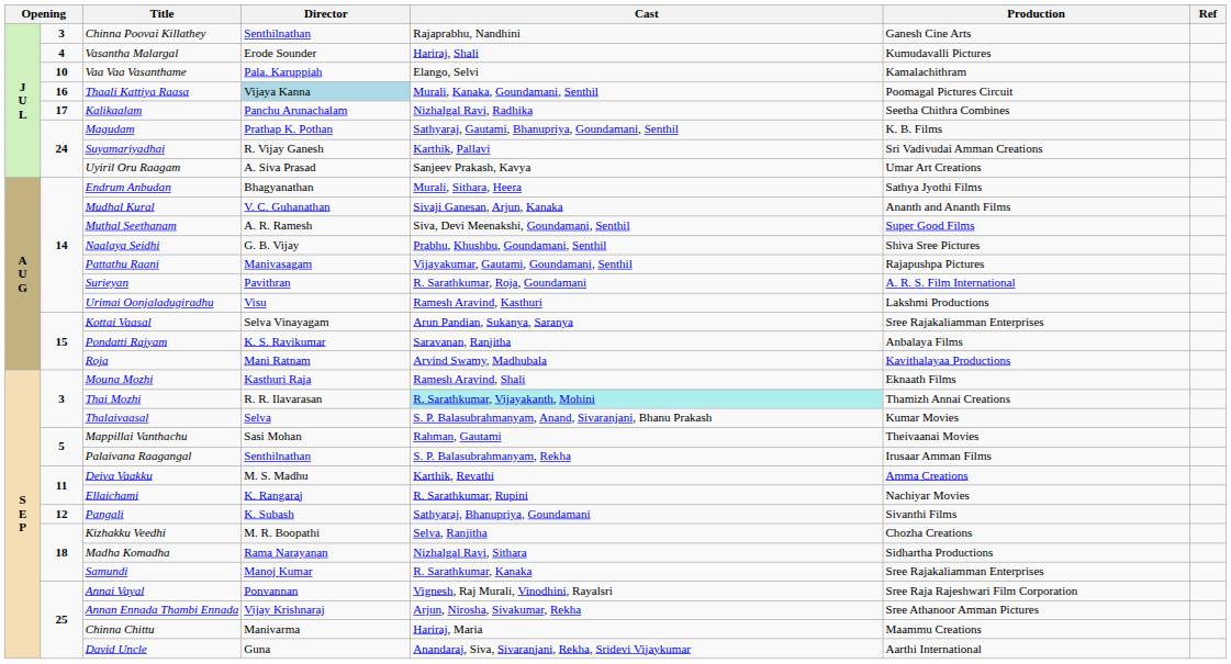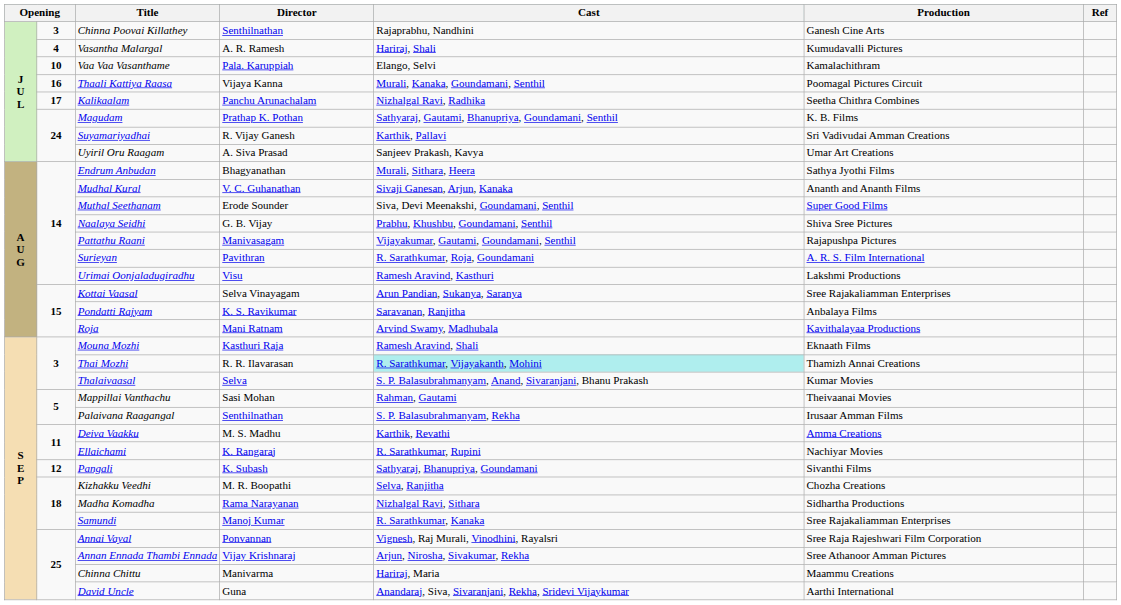 <table class="wikitable">
 <tr style="background:#b0e0e6; text-align:center;">
 <th colspan="2">Opening</th>
 <th style="width:13%;">Title</th>
 <th>Director</th>
 <th>Cast</th>
 <th>Production</th>
 <th>Ref</th>
 </tr>
 <tr July!>
 <td rowspan="8"   style="text-align:center; background:	#d0f0c0; textcolor:#000;"><strong>J<br>U<br>L</strong></td>
 <td style="text-align:center;"><strong>3</strong></td>
 <td><em>Chinna Poovai Killathey</em></td>
 <td><a href='#'>Senthilnathan</a></td>
 <td>Rajaprabhu, Nandhini</td>
 <td>Ganesh Cine Arts</td>
 <td></td>
 </tr>
 <tr>
 <td style="text-align:center;"><strong>4</strong></td>
 <td><em>Vasantha Malargal</em></td>
-<td>Erode Sounder</td>
+<td>A. R. Ramesh</td>
 <td><a href='#'>Hariraj</a>, <a href='#'>Shali</a></td>
 <td>Kumudavalli Pictures</td>
 <td></td>
 </tr>
 <tr>
 <td style="text-align:center;"><strong>10</strong></td>
 <td><em>Vaa Vaa Vasanthame</em></td>
 <td><a href='#'>Pala. Karuppiah</a></td>
 <td>Elango, Selvi</td>
 <td>Kamalachithram</td>
 <td></td>
 </tr>
 <tr>
 <td style="text-align:center;"><strong>16</strong></td>
 <td><em><a href='#'>Thaali Kattiya Raasa</a></em></td>
-<td style="background: lightblue;">Vijaya Kanna</td>
+<td>Vijaya Kanna</td>
 <td><a href='#'>Murali</a>, <a href='#'>Kanaka</a>, <a href='#'>Goundamani</a>, <a href='#'>Senthil</a></td>
 <td>Poomagal Pictures Circuit</td>
 <td></td>
 </tr>
 <tr>
 <td style="text-align:center;"><strong>17</strong></td>
 <td><em><a href='#'>Kalikaalam</a></em></td>
 <td><a href='#'>Panchu Arunachalam</a></td>
 <td><a href='#'>Nizhalgal Ravi</a>, <a href='#'>Radhika</a></td>
 <td>Seetha Chithra Combines</td>
 <td></td>
 </tr>
 <tr>
 <td rowspan="3" style="text-align:center;"><strong>24</strong></td>
 <td><em><a href='#'>Magudam</a></em></td>
 <td><a href='#'>Prathap K. Pothan</a></td>
 <td><a href='#'>Sathyaraj</a>, <a href='#'>Gautami</a>, <a href='#'>Bhanupriya</a>, <a href='#'>Goundamani</a>, <a href='#'>Senthil</a></td>
 <td>K. B. Films</td>
 <td></td>
 </tr>
 <tr>
 <td><em><a href='#'>Suyamariyadhai</a></em></td>
 <td>R. Vijay Ganesh</td>
 <td><a href='#'>Karthik</a>, <a href='#'>Pallavi</a></td>
 <td>Sri Vadivudai Amman Creations</td>
 <td></td>
 </tr>
 <tr>
 <td><em>Uyiril Oru Raagam</em></td>
 <td>A. Siva Prasad</td>
 <td>Sanjeev Prakash, Kavya</td>
 <td>Umar Art Creations</td>
 <td></td>
 </tr>
 <tr August!>
 <td rowspan="10"   style="text-align:center; background:#c2b280;"><strong>A<br>U<br>G</strong></td>
 <td rowspan="7" style="text-align:center;"><strong>14</strong></td>
 <td><em><a href='#'>Endrum Anbudan</a></em></td>
 <td>Bhagyanathan</td>
 <td><a href='#'>Murali</a>, <a href='#'>Sithara</a>, <a href='#'>Heera</a></td>
 <td>Sathya Jyothi Films</td>
 <td></td>
 </tr>
 <tr>
 <td><em><a href='#'>Mudhal Kural</a></em></td>
 <td><a href='#'>V. C. Guhanathan</a></td>
 <td><a href='#'>Sivaji Ganesan</a>, <a href='#'>Arjun</a>, <a href='#'>Kanaka</a></td>
 <td>Ananth and Ananth Films</td>
 <td></td>
 </tr>
 <tr>
 <td><em><a href='#'>Muthal Seethanam</a></em></td>
-<td>A. R. Ramesh</td>
+<td>Erode Sounder</td>
 <td>Siva, Devi Meenakshi, <a href='#'>Goundamani</a>, <a href='#'>Senthil</a></td>
 <td><a href='#'>Super Good Films</a></td>
 <td></td>
 </tr>
 <tr>
 <td><em><a href='#'>Naalaya Seidhi</a></em></td>
 <td>G. B. Vijay</td>
 <td><a href='#'>Prabhu</a>, <a href='#'>Khushbu</a>, <a href='#'>Goundamani</a>, <a href='#'>Senthil</a></td>
 <td>Shiva Sree Pictures</td>
 <td></td>
 </tr>
 <tr>
 <td><em><a href='#'>Pattathu Raani</a></em></td>
 <td><a href='#'>Manivasagam</a></td>
 <td><a href='#'>Vijayakumar</a>, <a href='#'>Gautami</a>, <a href='#'>Goundamani</a>,  <a href='#'>Senthil</a></td>
 <td>Rajapushpa Pictures</td>
 <td></td>
 </tr>
 <tr>
 <td><em><a href='#'>Surieyan</a></em></td>
 <td><a href='#'>Pavithran</a></td>
 <td><a href='#'>R. Sarathkumar</a>, <a href='#'>Roja</a>, <a href='#'>Goundamani</a></td>
 <td><a href='#'>A. R. S. Film International</a></td>
 <td></td>
 </tr>
 <tr>
 <td><em><a href='#'>Urimai Oonjaladugiradhu</a></em></td>
 <td><a href='#'>Visu</a></td>
 <td><a href='#'>Ramesh Aravind</a>, <a href='#'>Kasthuri</a></td>
 <td>Lakshmi Productions</td>
 <td></td>
 </tr>
 <tr>
 <td rowspan="3" style="text-align:center;"><strong>15</strong></td>
 <td><em><a href='#'>Kottai Vaasal</a></em></td>
 <td>Selva Vinayagam</td>
 <td><a href='#'>Arun Pandian</a>, <a href='#'>Sukanya</a>, <a href='#'>Saranya</a></td>
 <td>Sree Rajakaliamman Enterprises</td>
 <td></td>
 </tr>
 <tr>
 <td><em><a href='#'>Pondatti Rajyam</a></em></td>
 <td><a href='#'>K. S. Ravikumar</a></td>
 <td><a href='#'>Saravanan</a>, <a href='#'>Ranjitha</a></td>
 <td>Anbalaya Films</td>
 <td></td>
 </tr>
 <tr>
 <td><em><a href='#'>Roja</a></em></td>
 <td><a href='#'>Mani Ratnam</a></td>
 <td><a href='#'>Arvind Swamy</a>, <a href='#'>Madhubala</a></td>
 <td><a href='#'>Kavithalayaa Productions</a></td>
 <td></td>
 </tr>
 <tr September!>
 <td rowspan="15"   style="text-align:center; background:wheat; textcolor:#000;"><strong>S<br>E<br>P</strong></td>
 <td rowspan="3" style="text-align:center;"><strong>3</strong></td>
 <td><em><a href='#'>Mouna Mozhi</a></em></td>
 <td><a href='#'>Kasthuri Raja</a></td>
 <td><a href='#'>Ramesh Aravind</a>, <a href='#'>Shali</a></td>
 <td>Eknaath Films</td>
 <td></td>
 </tr>
 <tr>
 <td><em><a href='#'>Thai Mozhi</a></em></td>
 <td>R. R. Ilavarasan</td>
 <td style="background: paleturquoise;"><a href='#'>R. Sarathkumar</a>, <a href='#'>Vijayakanth</a>, <a href='#'>Mohini</a></td>
 <td>Thamizh Annai Creations</td>
 <td></td>
 </tr>
 <tr>
 <td><em><a href='#'>Thalaivaasal</a></em></td>
 <td><a href='#'>Selva</a></td>
 <td><a href='#'>S. P. Balasubrahmanyam</a>, <a href='#'>Anand</a>, <a href='#'>Sivaranjani</a>, Bhanu Prakash</td>
 <td>Kumar Movies</td>
 <td></td>
 </tr>
 <tr>
 <td rowspan="2" style="text-align:center;"><strong>5</strong></td>
 <td><em>Mappillai Vanthachu</em></td>
 <td>Sasi Mohan</td>
 <td><a href='#'>Rahman</a>, <a href='#'>Gautami</a></td>
 <td>Theivaanai Movies</td>
 <td></td>
 </tr>
 <tr>
 <td><em>Palaivana Raagangal</em></td>
 <td><a href='#'>Senthilnathan</a></td>
 <td><a href='#'>S. P. Balasubrahmanyam</a>, <a href='#'>Rekha</a></td>
 <td>Irusaar Amman Films</td>
 <td></td>
 </tr>
 <tr>
 <td rowspan="2" style="text-align:center;"><strong>11</strong></td>
 <td><em><a href='#'>Deiva Vaakku</a></em></td>
 <td>M. S. Madhu</td>
 <td><a href='#'>Karthik</a>, <a href='#'>Revathi</a></td>
 <td><a href='#'>Amma Creations</a></td>
 <td></td>
 </tr>
 <tr>
 <td><em><a href='#'>Ellaichami</a></em></td>
 <td><a href='#'>K. Rangaraj</a></td>
 <td><a href='#'>R. Sarathkumar</a>, <a href='#'>Rupini</a></td>
 <td>Nachiyar Movies</td>
 <td></td>
 </tr>
 <tr>
 <td style="text-align:center;"><strong>12</strong></td>
 <td><em><a href='#'>Pangali</a></em></td>
 <td><a href='#'>K. Subash</a></td>
 <td><a href='#'>Sathyaraj</a>, <a href='#'>Bhanupriya</a>, <a href='#'>Goundamani</a></td>
 <td>Sivanthi Films</td>
 <td></td>
 </tr>
 <tr>
 <td rowspan="3" style="text-align:center;"><strong>18</strong></td>
 <td><em>Kizhakku Veedhi</em></td>
 <td>M. R. Boopathi</td>
 <td><a href='#'>Selva</a>, <a href='#'>Ranjitha</a></td>
 <td>Chozha Creations</td>
 <td></td>
 </tr>
 <tr>
 <td><em>Madha Komadha</em></td>
 <td><a href='#'>Rama Narayanan</a></td>
 <td><a href='#'>Nizhalgal Ravi</a>, <a href='#'>Sithara</a></td>
 <td>Sidhartha Productions</td>
 <td></td>
 </tr>
 <tr>
 <td><em><a href='#'>Samundi</a></em></td>
 <td><a href='#'>Manoj Kumar</a></td>
 <td><a href='#'>R. Sarathkumar</a>, <a href='#'>Kanaka</a></td>
 <td>Sree Rajakaliamman Enterprises</td>
 <td></td>
 </tr>
 <tr>
 <td rowspan="4" style="text-align:center;"><strong>25</strong></td>
 <td><em><a href='#'>Annai Vayal</a></em></td>
 <td><a href='#'>Ponvannan</a></td>
 <td><a href='#'>Vignesh</a>, Raj Murali, <a href='#'>Vinodhini</a>, Rayalsri</td>
 <td>Sree Raja Rajeshwari Film Corporation</td>
 <td></td>
 </tr>
 <tr>
 <td><em><a href='#'>Annan Ennada Thambi Ennada</a></em></td>
 <td><a href='#'>Vijay Krishnaraj</a></td>
 <td><a href='#'>Arjun</a>, <a href='#'>Nirosha</a>, <a href='#'>Sivakumar</a>, <a href='#'>Rekha</a></td>
 <td>Sree Athanoor Amman Pictures</td>
 <td></td>
 </tr>
 <tr>
 <td><em>Chinna Chittu</em></td>
 <td>Manivarma</td>
 <td><a href='#'>Hariraj</a>, Maria</td>
 <td>Maammu Creations</td>
 <td></td>
 </tr>
 <tr>
 <td><em><a href='#'>David Uncle</a></em></td>
 <td>Guna</td>
 <td><a href='#'>Anandaraj</a>, Siva, <a href='#'>Sivaranjani</a>, <a href='#'>Rekha</a>, <a href='#'>Sridevi Vijaykumar</a></td>
 <td>Aarthi International</td>
 <td></td>
 </tr>
 </table>
